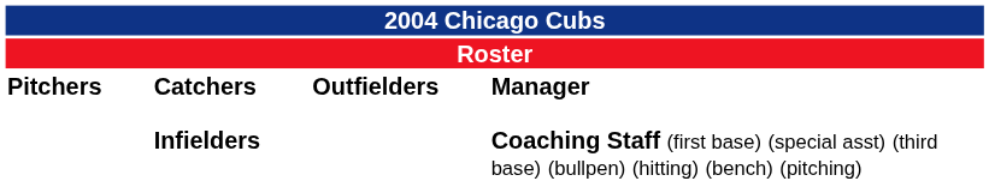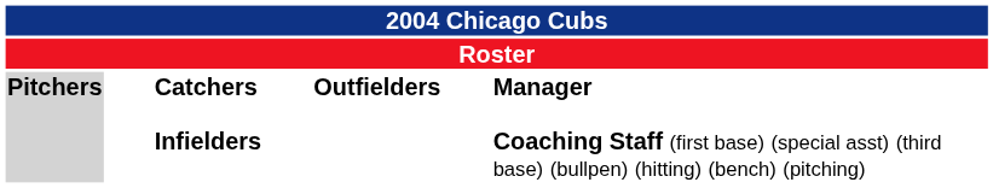 <table class="toccolours" style="font-size: 95%;">
 <tr>
 <th colspan="10" style="background-color: #0e3386; color: white; text-align: center;">2004 Chicago Cubs</th>
 </tr>
 <tr>
 <td colspan="10" style="background-color: #EE1422; color: white; text-align: center;"><strong>Roster</strong></td>
 </tr>
 <tr>
-<td valign="top"><strong>Pitchers</strong><br>                  </td>
+<td valign="top" style="background: lightgrey;"><strong>Pitchers</strong><br>                  </td>
 <td width="25px"></td>
 <td valign="top"><strong>Catchers</strong><br>  <br><strong>Infielders</strong>            </td>
 <td width="25px"></td>
 <td valign="top"><strong>Outfielders</strong><br>        </td>
 <td width="25px"></td>
 <td valign="top"><strong>Manager</strong><br><br><strong>Coaching Staff</strong>  <small>(first base)</small>  <small>(special asst)</small>  <small>(third base)</small>  <small>(bullpen)</small>  <small>(hitting)</small>  <small>(bench)</small>  <small>(pitching)</small></td>
 </tr>
 </table>
